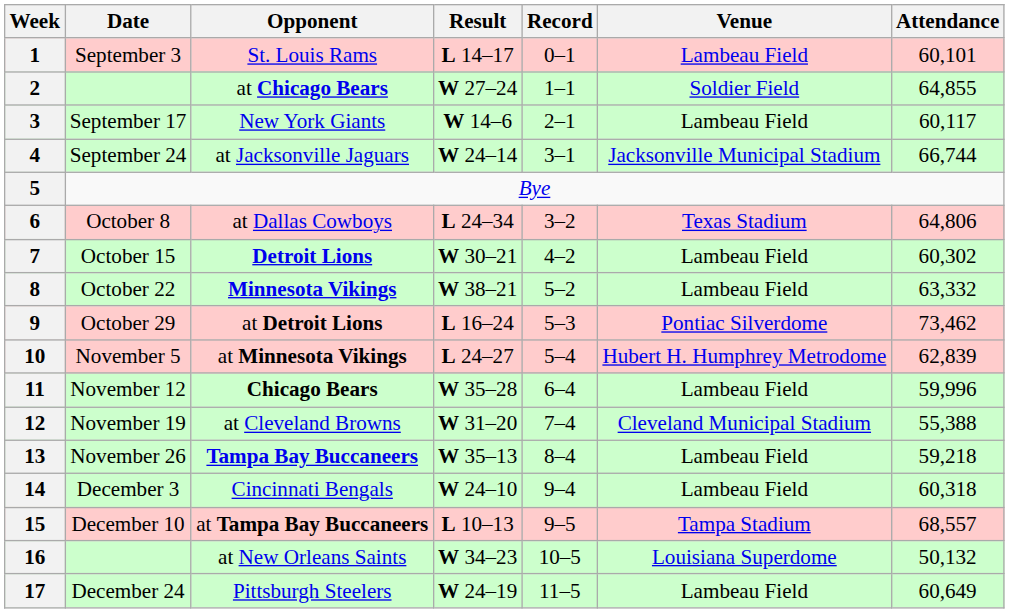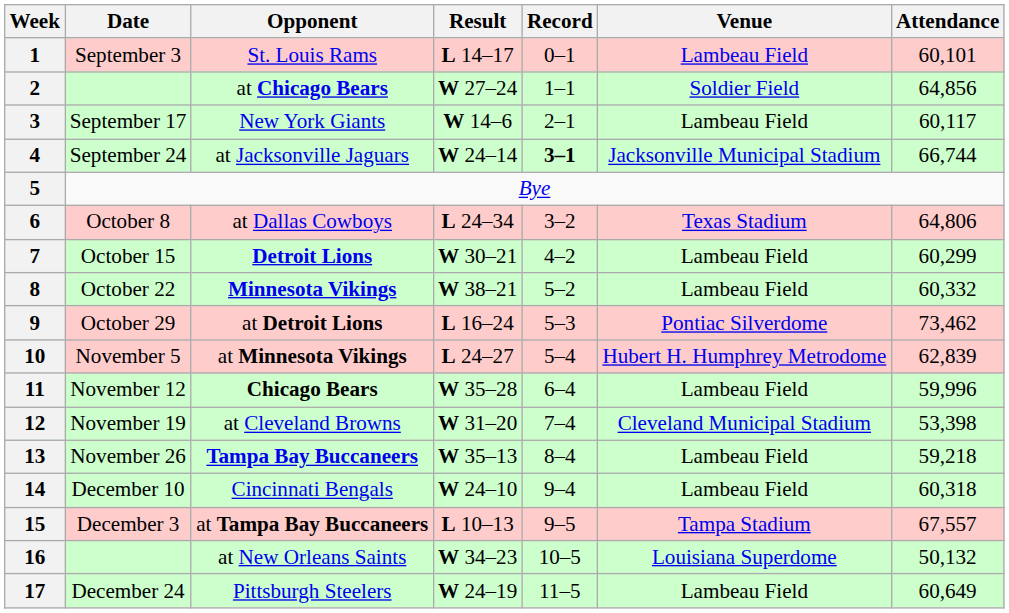 <table class="wikitable" style="text-align:center">
 <tr>
 <th>Week</th>
 <th>Date</th>
 <th>Opponent</th>
 <th>Result</th>
 <th>Record</th>
 <th>Venue</th>
 <th>Attendance</th>
 </tr>
 <tr style="background:#fcc">
 <th>1</th>
 <td>September 3</td>
 <td><a href='#'>St. Louis Rams</a></td>
 <td><strong>L</strong> 14–17</td>
 <td>0–1</td>
 <td><a href='#'>Lambeau Field</a></td>
 <td>60,101</td>
 </tr>
 <tr style="background:#cfc">
 <th>2</th>
 <td></td>
 <td>at <strong><a href='#'>Chicago Bears</a></strong></td>
 <td><strong>W</strong> 27–24</td>
 <td>1–1</td>
 <td><a href='#'>Soldier Field</a></td>
-<td>64,855</td>
+<td>64,856</td>
 </tr>
 <tr style="background:#cfc">
 <th>3</th>
 <td>September 17</td>
 <td><a href='#'>New York Giants</a></td>
 <td><strong>W</strong> 14–6</td>
 <td>2–1</td>
 <td>Lambeau Field</td>
 <td>60,117</td>
 </tr>
 <tr style="background:#cfc">
 <th>4</th>
 <td>September 24</td>
 <td>at <a href='#'>Jacksonville Jaguars</a></td>
 <td><strong>W</strong> 24–14</td>
-<td>3–1</td>
+<td><strong>3–1</strong></td>
 <td><a href='#'>Jacksonville Municipal Stadium</a></td>
 <td>66,744</td>
 </tr>
 <tr align="center">
 <th>5</th>
 <td colspan="6"><em><a href='#'>Bye</a></em></td>
 </tr>
 <tr style="background:#fcc">
 <th>6</th>
 <td>October 8</td>
 <td>at <a href='#'>Dallas Cowboys</a></td>
 <td><strong>L</strong> 24–34</td>
 <td>3–2</td>
 <td><a href='#'>Texas Stadium</a></td>
 <td>64,806</td>
 </tr>
 <tr style="background:#cfc">
 <th>7</th>
 <td>October 15</td>
 <td><strong><a href='#'>Detroit Lions</a></strong></td>
 <td><strong>W</strong> 30–21</td>
 <td>4–2</td>
 <td>Lambeau Field</td>
-<td>60,302</td>
+<td>60,299</td>
 </tr>
 <tr style="background:#cfc">
 <th>8</th>
 <td>October 22</td>
 <td><strong><a href='#'>Minnesota Vikings</a></strong></td>
 <td><strong>W</strong> 38–21</td>
 <td>5–2</td>
 <td>Lambeau Field</td>
-<td>63,332</td>
+<td>60,332</td>
 </tr>
 <tr style="background:#fcc">
 <th>9</th>
 <td>October 29</td>
 <td>at <strong>Detroit Lions</strong></td>
 <td><strong>L</strong> 16–24</td>
 <td>5–3</td>
 <td><a href='#'>Pontiac Silverdome</a></td>
 <td>73,462</td>
 </tr>
 <tr style="background:#fcc">
 <th>10</th>
 <td>November 5</td>
 <td>at <strong>Minnesota Vikings</strong></td>
 <td><strong>L</strong> 24–27</td>
 <td>5–4</td>
 <td><a href='#'>Hubert H. Humphrey Metrodome</a></td>
 <td>62,839</td>
 </tr>
 <tr style="background:#cfc">
 <th>11</th>
 <td>November 12</td>
 <td><strong>Chicago Bears</strong></td>
 <td><strong>W</strong> 35–28</td>
 <td>6–4</td>
 <td>Lambeau Field</td>
 <td>59,996</td>
 </tr>
 <tr style="background:#cfc">
 <th>12</th>
 <td>November 19</td>
 <td>at <a href='#'>Cleveland Browns</a></td>
 <td><strong>W</strong> 31–20</td>
 <td>7–4</td>
 <td><a href='#'>Cleveland Municipal Stadium</a></td>
-<td>55,388</td>
+<td>53,398</td>
 </tr>
 <tr style="background:#cfc">
 <th>13</th>
 <td>November 26</td>
 <td><strong><a href='#'>Tampa Bay Buccaneers</a></strong></td>
 <td><strong>W</strong> 35–13</td>
 <td>8–4</td>
 <td>Lambeau Field</td>
 <td>59,218</td>
 </tr>
 <tr style="background:#cfc">
 <th>14</th>
-<td>December 3</td>
+<td>December 10</td>
 <td><a href='#'>Cincinnati Bengals</a></td>
 <td><strong>W</strong> 24–10</td>
 <td>9–4</td>
 <td>Lambeau Field</td>
 <td>60,318</td>
 </tr>
 <tr style="background:#fcc">
 <th>15</th>
-<td>December 10</td>
+<td>December 3</td>
 <td>at <strong>Tampa Bay Buccaneers</strong></td>
 <td><strong>L</strong> 10–13 </td>
 <td>9–5</td>
 <td><a href='#'>Tampa Stadium</a></td>
-<td>68,557</td>
+<td>67,557</td>
 </tr>
 <tr style="background:#cfc">
 <th>16</th>
 <td></td>
 <td>at <a href='#'>New Orleans Saints</a></td>
 <td><strong>W</strong> 34–23</td>
 <td>10–5</td>
 <td><a href='#'>Louisiana Superdome</a></td>
 <td>50,132</td>
 </tr>
 <tr style="background:#cfc">
 <th>17</th>
 <td>December 24</td>
 <td><a href='#'>Pittsburgh Steelers</a></td>
 <td><strong>W</strong> 24–19</td>
 <td>11–5</td>
 <td>Lambeau Field</td>
 <td>60,649</td>
 </tr>
 </table>
